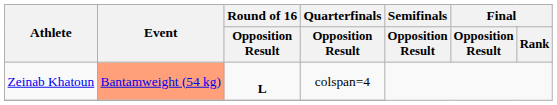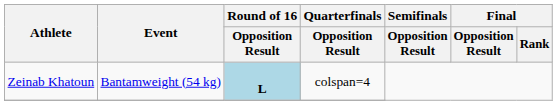 <table class="wikitable" style="font-size:90%">
 <tr>
 <th rowspan=2>Athlete</th>
 <th rowspan=2>Event</th>
 <th>Round of 16</th>
 <th>Quarterfinals</th>
 <th>Semifinals</th>
 <th colspan=2>Final</th>
 </tr>
 <tr style="font-size:95%">
 <th>Opposition<br>Result</th>
 <th>Opposition<br>Result</th>
 <th>Opposition<br>Result</th>
 <th>Opposition<br>Result</th>
 <th>Rank</th>
 </tr>
 <tr align=center>
 <td align=left><a href='#'>Zeinab Khatoun</a></td>
-<td align=left style="background: lightsalmon;"><a href='#'>Bantamweight (54 kg)</a></td>
-<td><br><strong>L</strong> </td>
+<td align=left><a href='#'>Bantamweight (54 kg)</a></td>
+<td style="background: lightblue;"><br><strong>L</strong> </td>
 <td>colspan=4 </td>
 </tr>
 <tr>
 </tr>
 </table>
